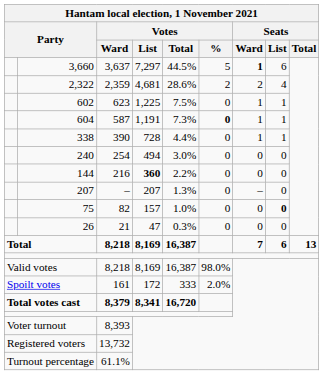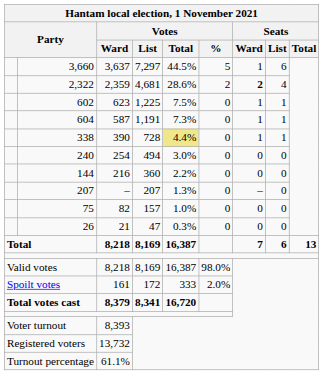 <table class=wikitable style="text-align:right">
 <tr>
 <th colspan="9" align="center">Hantam local election, 1 November 2021</th>
 </tr>
 <tr>
 <th rowspan="2" colspan="2">Party</th>
 <th colspan="4" align="center">Votes</th>
 <th colspan="3" align="center">Seats</th>
 </tr>
 <tr>
 <th>Ward</th>
 <th>List</th>
 <th>Total</th>
 <th>%</th>
 <th>Ward</th>
 <th>List</th>
 <th>Total</th>
 </tr>
 <tr>
 <td></td>
 <td>3,660</td>
 <td>3,637</td>
 <td>7,297</td>
 <td>44.5%</td>
 <td>5</td>
-<td><strong>1</strong></td>
+<td>1</td>
 <td>6</td>
 </tr>
 <tr>
 <td></td>
 <td>2,322</td>
 <td>2,359</td>
 <td>4,681</td>
 <td>28.6%</td>
 <td>2</td>
-<td>2</td>
+<td><strong>2</strong></td>
 <td>4</td>
 </tr>
 <tr>
 <td></td>
 <td>602</td>
 <td>623</td>
 <td>1,225</td>
 <td>7.5%</td>
 <td>0</td>
 <td>1</td>
 <td>1</td>
 </tr>
 <tr>
 <td></td>
 <td>604</td>
 <td>587</td>
 <td>1,191</td>
 <td>7.3%</td>
-<td><strong>0</strong></td>
+<td>0</td>
 <td>1</td>
 <td>1</td>
 </tr>
 <tr>
 <td></td>
 <td>338</td>
 <td>390</td>
 <td>728</td>
-<td>4.4%</td>
+<td style="background: khaki;">4.4%</td>
 <td>0</td>
 <td>1</td>
 <td>1</td>
 </tr>
 <tr>
 <td></td>
 <td>240</td>
 <td>254</td>
 <td>494</td>
 <td>3.0%</td>
 <td>0</td>
 <td>0</td>
 <td>0</td>
 </tr>
 <tr>
 <td></td>
 <td>144</td>
 <td>216</td>
-<td><strong>360</strong></td>
+<td>360</td>
 <td>2.2%</td>
 <td>0</td>
 <td>0</td>
 <td>0</td>
 </tr>
 <tr>
 <td></td>
 <td>207</td>
 <td>–</td>
 <td>207</td>
 <td>1.3%</td>
 <td>0</td>
 <td>–</td>
 <td>0</td>
 </tr>
 <tr>
 <td></td>
 <td>75</td>
 <td>82</td>
 <td>157</td>
 <td>1.0%</td>
 <td>0</td>
 <td>0</td>
-<td><strong>0</strong></td>
+<td>0</td>
 </tr>
 <tr>
 <td></td>
 <td>26</td>
 <td>21</td>
 <td>47</td>
 <td>0.3%</td>
 <td>0</td>
 <td>0</td>
 <td>0</td>
 </tr>
 <tr>
 <td colspan="2" style="text-align:left"><strong>Total</strong></td>
 <td><strong>8,218</strong></td>
 <td><strong>8,169</strong></td>
 <td><strong>16,387</strong></td>
 <td></td>
 <td><strong>7</strong></td>
 <td><strong>6</strong></td>
 <td><strong>13</strong></td>
 </tr>
 <tr>
 <td colspan="9"></td>
 </tr>
 <tr>
 <td colspan="2" style="text-align:left">Valid votes</td>
 <td>8,218</td>
 <td>8,169</td>
 <td>16,387</td>
 <td>98.0%</td>
 </tr>
 <tr>
 <td colspan="2" style="text-align:left"><a href='#'>Spoilt votes</a></td>
 <td>161</td>
 <td>172</td>
 <td>333</td>
 <td>2.0%</td>
 </tr>
 <tr>
 <td colspan="2" style="text-align:left"><strong>Total votes cast</strong></td>
 <td><strong>8,379</strong></td>
 <td><strong>8,341</strong></td>
 <td><strong>16,720</strong></td>
 <td></td>
 </tr>
 <tr>
 <td colspan="6"></td>
 </tr>
 <tr>
 <td colspan="2" style="text-align:left">Voter turnout</td>
 <td>8,393</td>
 </tr>
 <tr>
 <td colspan="2" style="text-align:left">Registered voters</td>
 <td>13,732</td>
 </tr>
 <tr>
 <td colspan="2" style="text-align:left">Turnout percentage</td>
 <td>61.1%</td>
 </tr>
 </table>
